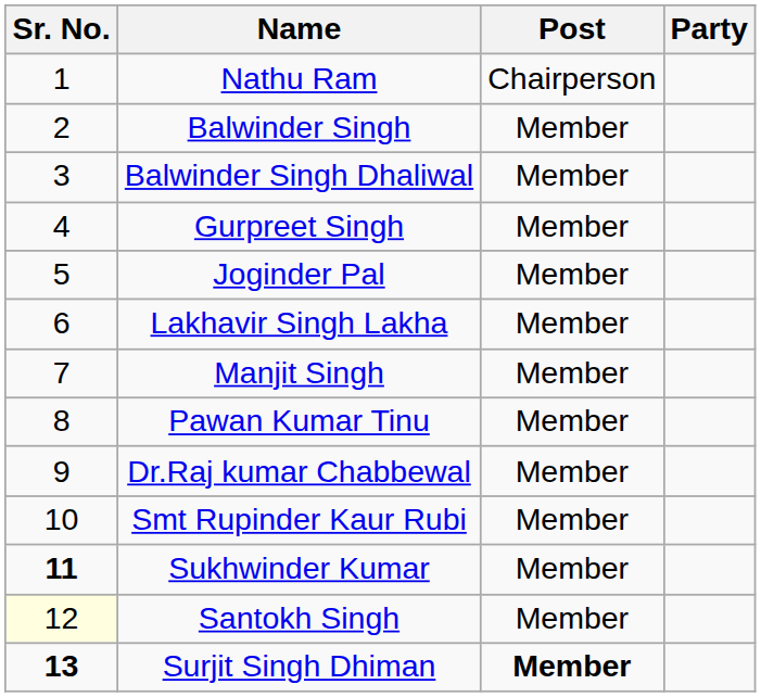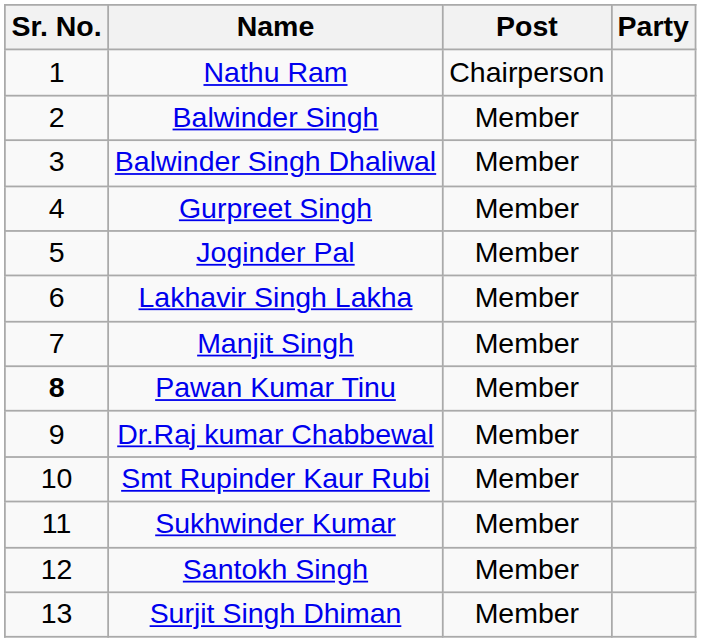 <table class="wikitable">
 <tr>
 <th>Sr. No.</th>
 <th>Name</th>
 <th>Post</th>
 <th colspan="2">Party</th>
 </tr>
 <tr align="center">
 <td>1</td>
 <td><a href='#'>Nathu Ram</a></td>
 <td>Chairperson</td>
 <td></td>
 </tr>
 <tr align="center">
 <td>2</td>
 <td><a href='#'>Balwinder Singh</a></td>
 <td>Member</td>
 <td></td>
 </tr>
 <tr align="center">
 <td>3</td>
 <td><a href='#'>Balwinder Singh Dhaliwal</a></td>
 <td>Member</td>
 <td></td>
 </tr>
 <tr align="center">
 <td>4</td>
 <td><a href='#'>Gurpreet Singh</a></td>
 <td>Member</td>
 <td></td>
 </tr>
 <tr align="center">
 <td>5</td>
 <td><a href='#'>Joginder Pal</a></td>
 <td>Member</td>
 <td></td>
 </tr>
 <tr align="center">
 <td>6</td>
 <td><a href='#'>Lakhavir Singh Lakha</a></td>
 <td>Member</td>
 <td></td>
 </tr>
 <tr align="center">
 <td>7</td>
 <td><a href='#'>Manjit Singh</a></td>
 <td>Member</td>
 <td></td>
 </tr>
 <tr align="center">
-<td>8</td>
+<td><strong>8</strong></td>
 <td><a href='#'>Pawan Kumar Tinu</a></td>
 <td>Member</td>
 <td></td>
 </tr>
 <tr align="center">
 <td>9</td>
 <td><a href='#'>Dr.Raj kumar Chabbewal</a></td>
 <td>Member</td>
 <td></td>
 </tr>
 <tr align="center">
 <td>10</td>
 <td><a href='#'>Smt Rupinder Kaur Rubi</a></td>
 <td>Member</td>
 <td></td>
 </tr>
 <tr align="center">
-<td><strong>11</strong></td>
+<td>11</td>
 <td><a href='#'>Sukhwinder Kumar</a></td>
 <td>Member</td>
 <td></td>
 </tr>
 <tr align="center">
-<td style="background: lightyellow;">12</td>
+<td>12</td>
 <td><a href='#'>Santokh Singh</a></td>
 <td>Member</td>
 <td></td>
 </tr>
 <tr align="center">
-<td><strong>13</strong></td>
+<td>13</td>
 <td><a href='#'>Surjit Singh Dhiman</a></td>
-<td><strong>Member</strong></td>
+<td>Member</td>
 <td></td>
 </tr>
 </table>
